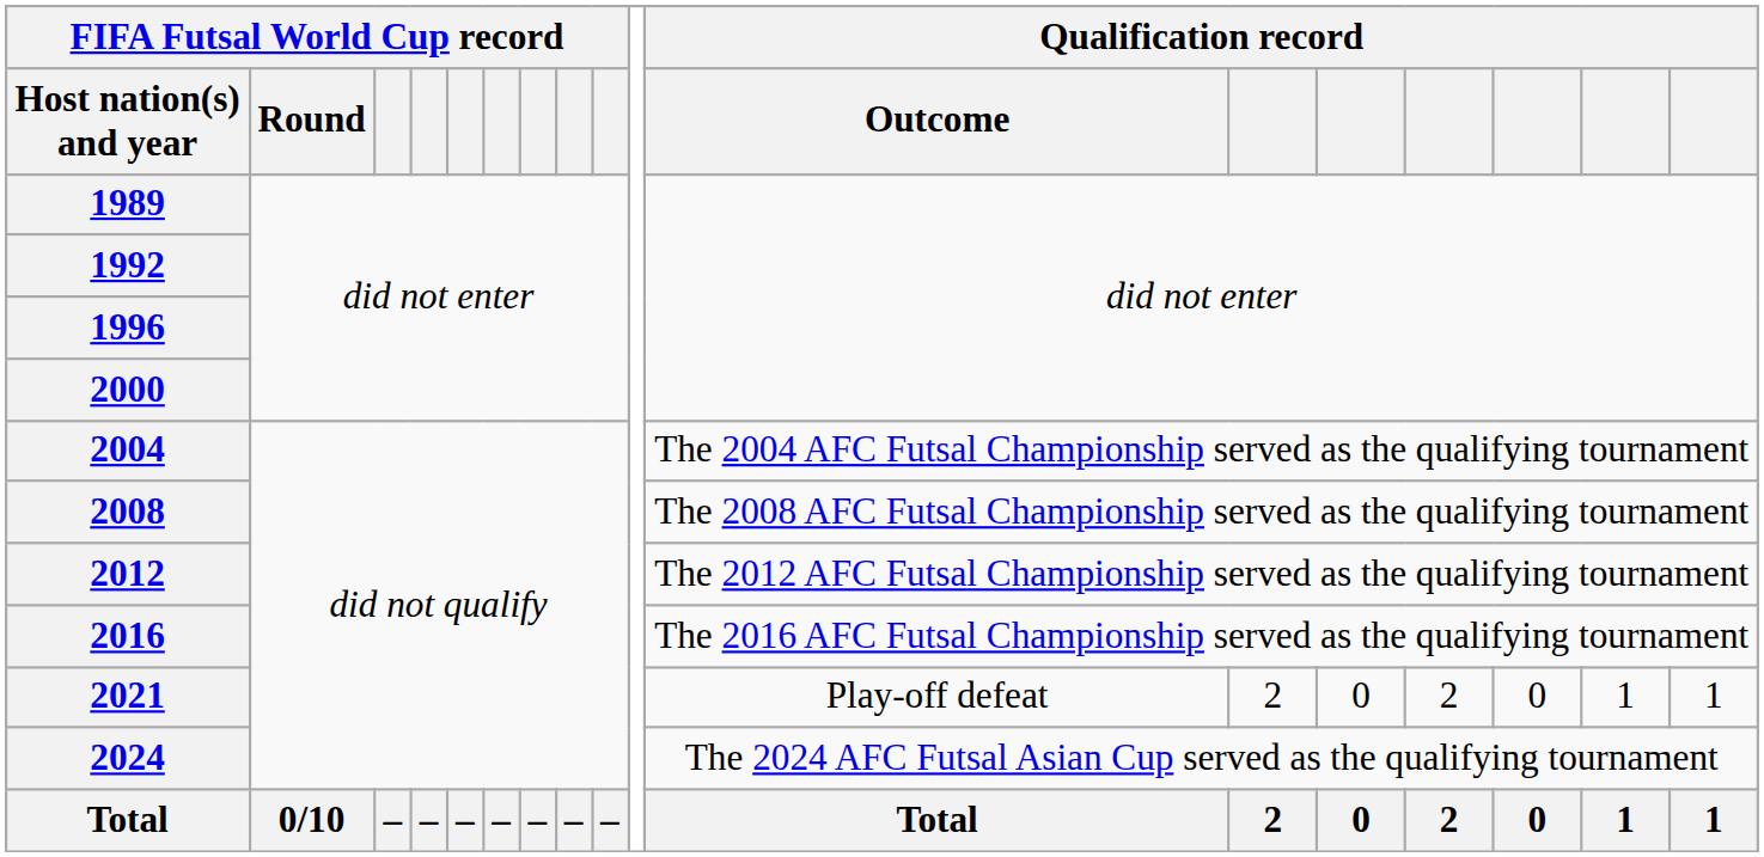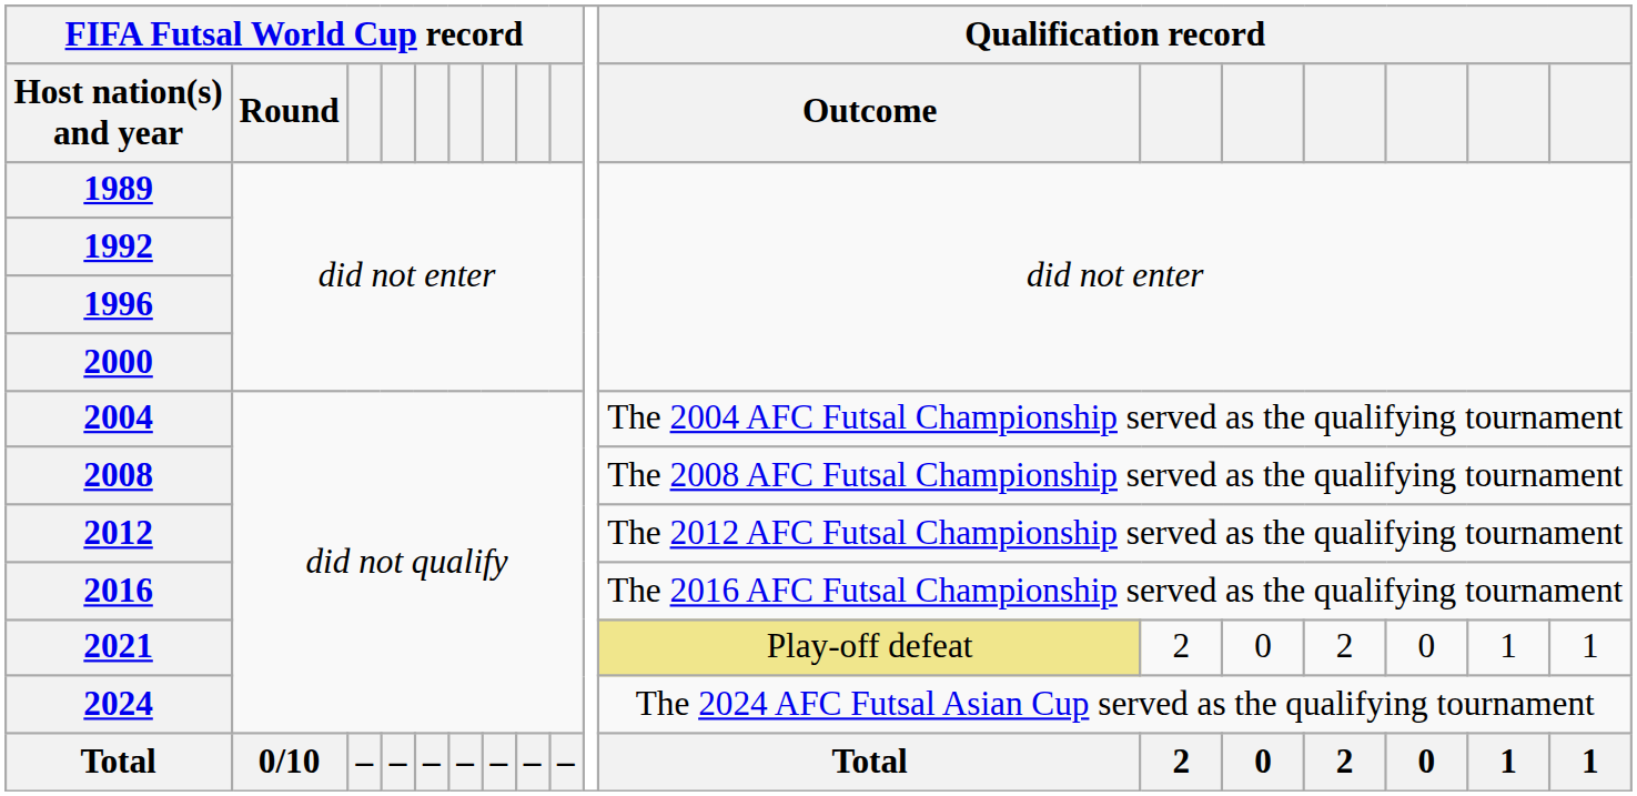 <table class="wikitable" style="font-size:90%; text-align:center;">
 <tr>
 <th colspan="9"><a href='#'>FIFA Futsal World Cup</a> record</th>
 <th rowspan="13" style="width:1%;background:white"></th>
 <th colspan=7>Qualification record</th>
 </tr>
 <tr>
 <th scope="col">Host nation(s)<br>and year</th>
 <th scope="col">Round</th>
 <th scope="col"></th>
 <th scope="col"></th>
 <th scope="col"></th>
 <th scope="col"></th>
 <th scope="col"></th>
 <th scope="col"></th>
 <th scope="col"></th>
 <th scope="col">Outcome</th>
 <th scope="col"></th>
 <th scope="col"></th>
 <th scope="col"></th>
 <th scope="col"></th>
 <th scope="col"></th>
 <th scope="col"></th>
 </tr>
 <tr>
 <th scope="row"> <a href='#'>1989</a></th>
 <td colspan="8" rowspan="4"><em>did not enter</em></td>
 <td colspan="7" rowspan="4"><em>did not enter</em></td>
 </tr>
 <tr>
 <th scope="row"> <a href='#'>1992</a></th>
 </tr>
 <tr>
 <th scope="row"> <a href='#'>1996</a></th>
 </tr>
 <tr>
 <th scope="row"> <a href='#'>2000</a></th>
 </tr>
 <tr>
 <th scope="row"> <a href='#'>2004</a></th>
 <td colspan="8" rowspan="6"><em>did not qualify</em></td>
 <td colspan="7">The <a href='#'>2004 AFC Futsal Championship</a> served as the qualifying tournament</td>
 </tr>
 <tr>
 <th scope="row"> <a href='#'>2008</a></th>
 <td colspan="7">The <a href='#'>2008 AFC Futsal Championship</a> served as the qualifying tournament</td>
 </tr>
 <tr>
 <th scope="row"> <a href='#'>2012</a></th>
 <td colspan="7">The <a href='#'>2012 AFC Futsal Championship</a> served as the qualifying tournament</td>
 </tr>
 <tr>
 <th scope="row"> <a href='#'>2016</a></th>
 <td colspan="7">The <a href='#'>2016 AFC Futsal Championship</a> served as the qualifying tournament</td>
 </tr>
 <tr>
 <th scope="row"> <a href='#'>2021</a></th>
-<td>Play-off defeat</td>
+<td style="background: khaki;">Play-off defeat</td>
 <td>2</td>
 <td>0</td>
 <td>2</td>
 <td>0</td>
 <td>1</td>
 <td>1</td>
 </tr>
 <tr>
 <th scope="row"> <a href='#'>2024</a></th>
 <td colspan="7">The <a href='#'>2024 AFC Futsal Asian Cup</a> served as the qualifying tournament</td>
 </tr>
 <tr>
 <th>Total</th>
 <th>0/10</th>
 <th>–</th>
 <th>–</th>
 <th>–</th>
 <th>–</th>
 <th>–</th>
 <th>–</th>
 <th>–</th>
 <th>Total</th>
 <th>2</th>
 <th>0</th>
 <th>2</th>
 <th>0</th>
 <th>1</th>
 <th>1</th>
 </tr>
 </table>
